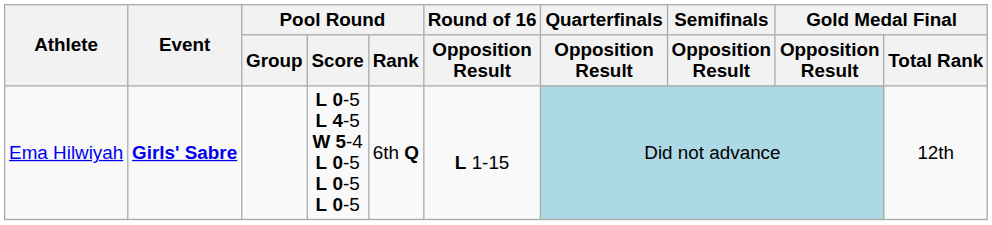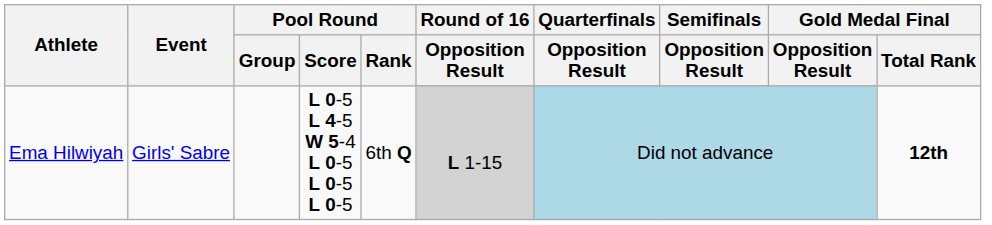 <table class="wikitable" border="1" style="font-size:90%">
 <tr>
 <th rowspan=2>Athlete</th>
 <th rowspan=2>Event</th>
 <th colspan=3>Pool Round</th>
 <th colspan=1>Round of 16</th>
 <th colspan=1>Quarterfinals</th>
 <th colspan=1>Semifinals</th>
 <th colspan=2>Gold Medal Final</th>
 </tr>
 <tr>
 <th>Group</th>
 <th>Score</th>
 <th>Rank</th>
 <th>Opposition<br>Result</th>
 <th>Opposition<br>Result</th>
 <th>Opposition<br>Result</th>
 <th>Opposition<br>Result</th>
 <th>Total Rank</th>
 </tr>
 <tr>
 <td><a href='#'>Ema Hilwiyah</a></td>
-<td><strong><a href='#'>Girls' Sabre</a></strong></td>
+<td><a href='#'>Girls' Sabre</a></td>
 <td><br><br><br><br><br></td>
 <td align=center><strong>L</strong> <strong>0</strong>-5<br><strong>L</strong> <strong>4</strong>-5<br><strong>W</strong> <strong>5</strong>-4<br><strong>L</strong> <strong>0</strong>-5<br><strong>L</strong> <strong>0</strong>-5<br><strong>L</strong> <strong>0</strong>-5</td>
 <td align=center>6th <strong>Q</strong></td>
-<td align=center><br> <strong>L</strong> 1-15</td>
+<td align=center style="background: lightgrey;"><br> <strong>L</strong> 1-15</td>
 <td align=center colspan=3 bgcolor=lightblue>Did not advance</td>
-<td align=center>12th</td>
+<td align=center><strong>12th</strong></td>
 </tr>
 </table>
